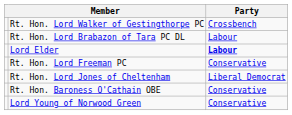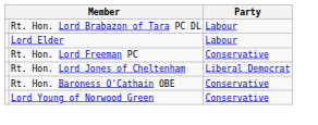 <table class="wikitable">
 <tr>
 <th colspan="2" valign="top">Member</th>
 <th valign="top">Party</th>
-</tr>
-<tr>
-<td style="color:inherit;background:"></td>
-<td>Rt. Hon. <a href='#'>Lord Walker of Gestingthorpe</a> PC</td>
-<td><a href='#'>Crossbench</a></td>
 </tr>
 <tr>
 <td style="color:inherit;background:"></td>
 <td>Rt. Hon. <a href='#'>Lord Brabazon of Tara</a> PC DL</td>
 <td><a href='#'>Labour</a></td>
 </tr>
 <tr>
 <td style="color:inherit;background:"></td>
 <td><a href='#'>Lord Elder</a></td>
-<td><strong><a href='#'>Labour</a></strong></td>
+<td><a href='#'>Labour</a></td>
 </tr>
 <tr>
 <td style="color:inherit;background:"></td>
 <td>Rt. Hon. <a href='#'>Lord Freeman</a> PC</td>
 <td><a href='#'>Conservative</a></td>
 </tr>
 <tr>
 <td style="color:inherit;background:"></td>
 <td>Rt. Hon. <a href='#'>Lord Jones of Cheltenham</a></td>
 <td><a href='#'>Liberal Democrat</a></td>
 </tr>
 <tr>
 <td style="color:inherit;background:"></td>
 <td>Rt. Hon. <a href='#'>Baroness O'Cathain</a> OBE</td>
 <td><a href='#'>Conservative</a></td>
 </tr>
 <tr>
 <td style="color:inherit;background:"></td>
 <td><a href='#'>Lord Young of Norwood Green</a></td>
 <td><a href='#'>Conservative</a></td>
 </tr>
 </table>
